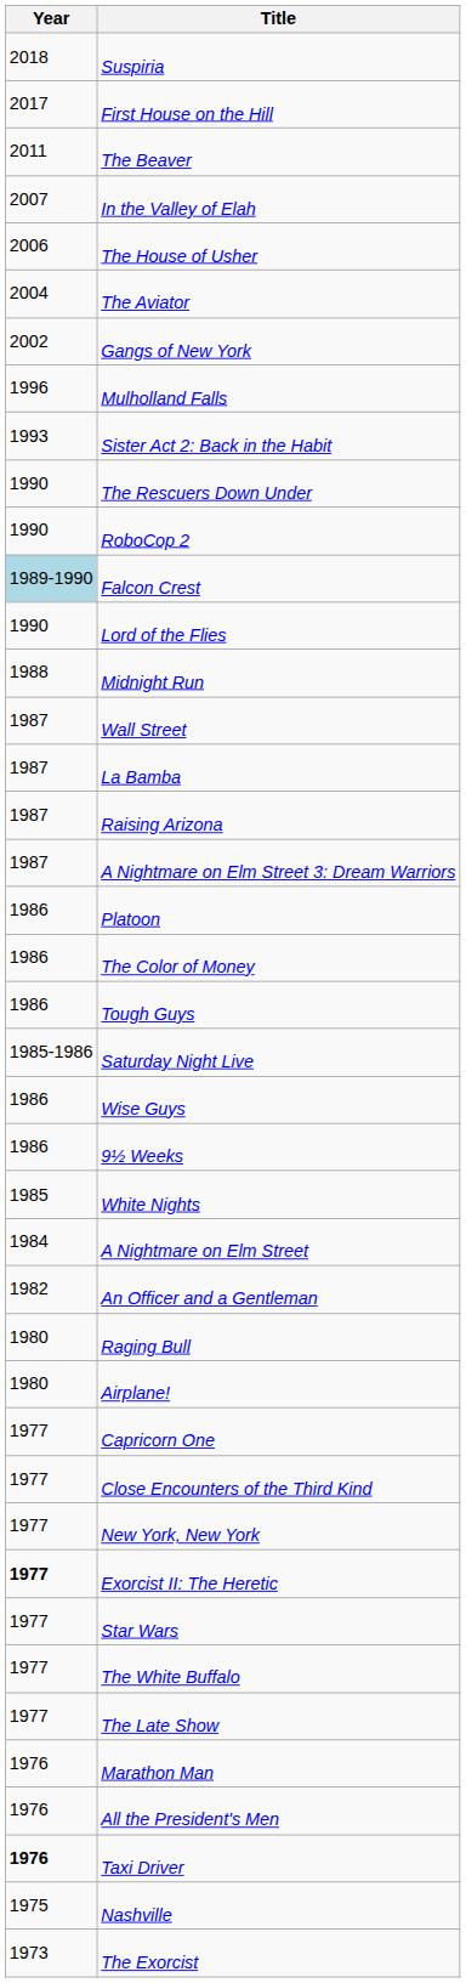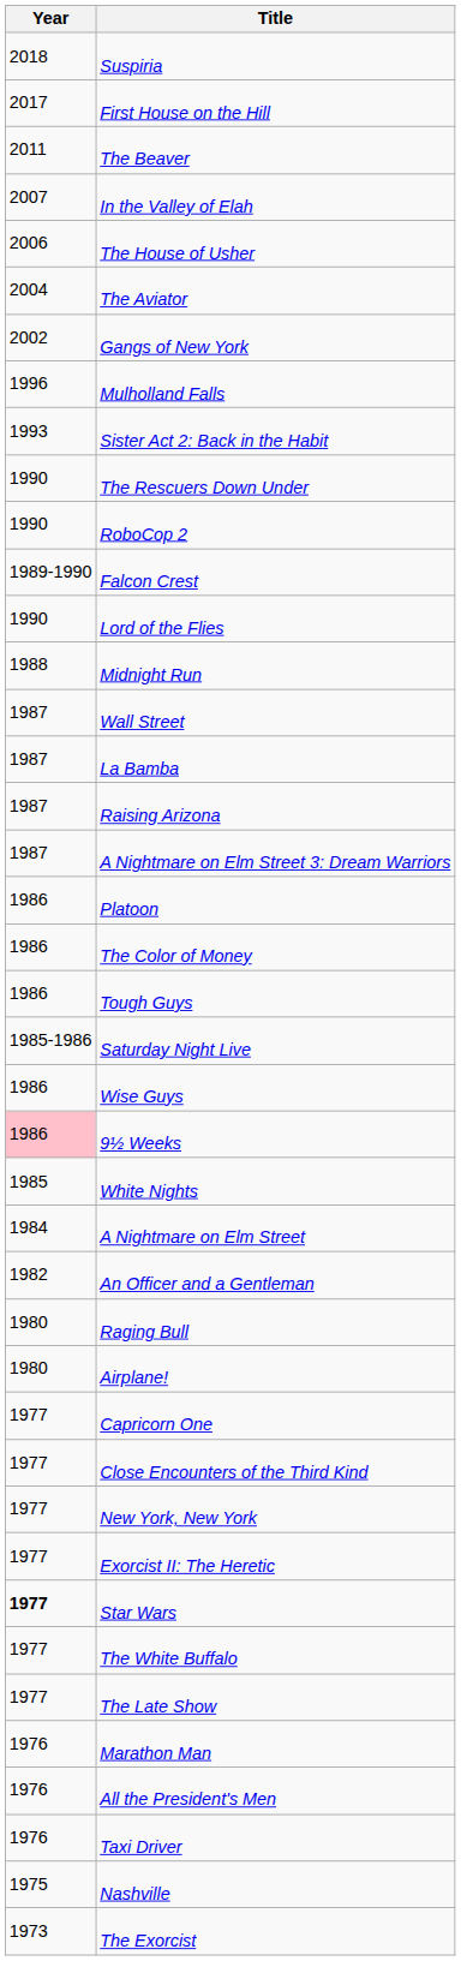 <table class="wikitable sortable">
 <tr>
 <th>Year</th>
 <th>Title</th>
 </tr>
 <tr>
 <td>2018</td>
 <td><br><em><a href='#'>Suspiria</a></em></td>
 </tr>
 <tr>
 <td>2017</td>
 <td><br><em><a href='#'>First House on the Hill</a></em></td>
 </tr>
 <tr>
 <td>2011</td>
 <td><br><em><a href='#'>The Beaver</a></em></td>
 </tr>
 <tr>
 <td>2007</td>
 <td><br><em><a href='#'>In the Valley of Elah</a></em></td>
 </tr>
 <tr>
 <td>2006</td>
 <td><br><em><a href='#'>The House of Usher</a></em></td>
 </tr>
 <tr>
 <td>2004</td>
 <td><br><em><a href='#'>The Aviator</a></em></td>
 </tr>
 <tr>
 <td>2002</td>
 <td><br><em><a href='#'>Gangs of New York</a></em></td>
 </tr>
 <tr>
 <td>1996</td>
 <td><br><em><a href='#'>Mulholland Falls</a></em></td>
 </tr>
 <tr>
 <td>1993</td>
 <td><br><em><a href='#'>Sister Act 2: Back in the Habit</a></em></td>
 </tr>
 <tr>
 <td>1990</td>
 <td><br><em><a href='#'>The Rescuers Down Under</a></em></td>
 </tr>
 <tr>
 <td>1990</td>
 <td><br><em><a href='#'>RoboCop 2</a></em></td>
 </tr>
 <tr>
-<td style="background: lightblue;">1989-1990</td>
+<td>1989-1990</td>
 <td><br><em><a href='#'>Falcon Crest</a></em></td>
 </tr>
 <tr>
 <td>1990</td>
 <td><br><em><a href='#'>Lord of the Flies</a></em></td>
 </tr>
 <tr>
 <td>1988</td>
 <td><br><em><a href='#'>Midnight Run</a></em></td>
 </tr>
 <tr>
 <td>1987</td>
 <td><br><em><a href='#'>Wall Street</a></em></td>
 </tr>
 <tr>
 <td>1987</td>
 <td><br><em><a href='#'>La Bamba</a></em></td>
 </tr>
 <tr>
 <td>1987</td>
 <td><br><em><a href='#'>Raising Arizona</a></em></td>
 </tr>
 <tr>
 <td>1987</td>
 <td><br><em><a href='#'>A Nightmare on Elm Street 3: Dream Warriors</a></em></td>
 </tr>
 <tr>
 <td>1986</td>
 <td><br><em><a href='#'>Platoon</a></em></td>
 </tr>
 <tr>
 <td>1986</td>
 <td><br><em><a href='#'>The Color of Money</a></em></td>
 </tr>
 <tr>
 <td>1986</td>
 <td><br><em><a href='#'>Tough Guys</a></em></td>
 </tr>
 <tr>
 <td>1985-1986</td>
 <td><br><em><a href='#'>Saturday Night Live</a></em></td>
 </tr>
 <tr>
 <td>1986</td>
 <td><br><em><a href='#'>Wise Guys</a></em></td>
 </tr>
 <tr>
-<td>1986</td>
+<td style="background: pink;">1986</td>
 <td><br><em><a href='#'>9½ Weeks</a></em></td>
 </tr>
 <tr>
 <td>1985</td>
 <td><br><em><a href='#'>White Nights</a></em></td>
 </tr>
 <tr>
 <td>1984</td>
 <td><br><em><a href='#'>A Nightmare on Elm Street</a></em></td>
 </tr>
 <tr>
 <td>1982</td>
 <td><br><em><a href='#'>An Officer and a Gentleman</a></em></td>
 </tr>
 <tr>
 <td>1980</td>
 <td><br><em><a href='#'>Raging Bull</a></em></td>
 </tr>
 <tr>
 <td>1980</td>
 <td><br><em><a href='#'>Airplane!</a></em></td>
 </tr>
 <tr>
 <td>1977</td>
 <td><br><em><a href='#'>Capricorn One</a></em></td>
 </tr>
 <tr>
 <td>1977</td>
 <td><br><em><a href='#'>Close Encounters of the Third Kind</a></em></td>
 </tr>
 <tr>
 <td>1977</td>
 <td><br><em><a href='#'>New York, New York</a></em></td>
 </tr>
 <tr>
-<td><strong>1977</strong></td>
+<td>1977</td>
 <td><br><em><a href='#'>Exorcist II: The Heretic</a></em></td>
 </tr>
 <tr>
-<td>1977</td>
+<td><strong>1977</strong></td>
 <td><br><em><a href='#'>Star Wars</a></em></td>
 </tr>
 <tr>
 <td>1977</td>
 <td><br><em><a href='#'>The White Buffalo</a></em></td>
 </tr>
 <tr>
 <td>1977</td>
 <td><br><em><a href='#'>The Late Show</a></em></td>
 </tr>
 <tr>
 <td>1976</td>
 <td><br><em><a href='#'>Marathon Man</a></em></td>
 </tr>
 <tr>
 <td>1976</td>
 <td><br><em><a href='#'>All the President's Men</a></em></td>
 </tr>
 <tr>
-<td><strong>1976</strong></td>
+<td>1976</td>
 <td><br><em><a href='#'>Taxi Driver</a></em></td>
 </tr>
 <tr>
 <td>1975</td>
 <td><br><em><a href='#'>Nashville</a></em></td>
 </tr>
 <tr>
 <td>1973</td>
 <td><br><em><a href='#'>The Exorcist</a></em></td>
 </tr>
 </table>
